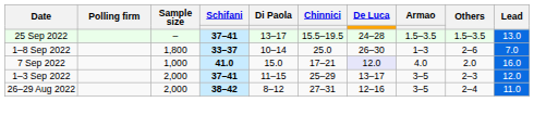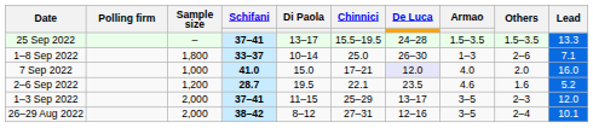 <table class="wikitable collapsible collapsed" style="text-align:center;font-size:85%;line-height:13px">
 <tr style="height:30px; background-color:#E9E9E9">
 <th style="width:100px;" rowspan="2">Date</th>
 <th style="width:100px;" rowspan="2">Polling firm</th>
 <th style="width:65px;" rowspan="2">Sample size</th>
 <th style="width:65px;"><a href='#'>Schifani</a></th>
 <th style="width:65px;">Di Paola</th>
 <th style="width:65px;"><a href='#'>Chinnici</a></th>
 <th style="width:65px;"><a href='#'>De Luca</a></th>
 <th style="width:65px;">Armao</th>
 <th style="width:65px;" rowspan="2">Others</th>
 <th style="width:45px;" rowspan="2">Lead</th>
 </tr>
 <tr>
 <th style="color:inherit;background:"></th>
 <th style="color:inherit;background:"></th>
 <th style="color:inherit;background:"></th>
 <th style="color:inherit;background:orange;"></th>
 <th style="color:inherit;background:"></th>
 </tr>
 <tr style="background:#EAFFEA"|>
 <td>25 Sep 2022</td>
 <td></td>
 <td>–</td>
 <td style="background:#C8EBFF"><strong>37–41</strong></td>
 <td>13–17</td>
 <td>15.5–19.5</td>
 <td>24–28</td>
 <td>1.5–3.5</td>
 <td>1.5–3.5</td>
-<td style="background:#0A6BE1; color:white;">13.0</td>
+<td style="background:#0A6BE1; color:white;">13.3</td>
 </tr>
 <tr>
 <td>1–8 Sep 2022</td>
 <td></td>
 <td>1,800</td>
 <td style="background:#C8EBFF"><strong>33–37</strong></td>
 <td>10–14</td>
 <td>25.0</td>
 <td>26–30</td>
 <td>1–3</td>
 <td>2–6</td>
-<td style="background:#0A6BE1; color:white;">7.0</td>
+<td style="background:#0A6BE1; color:white;">7.1</td>
 </tr>
 <tr>
 <td>7 Sep 2022</td>
 <td></td>
 <td>1,000</td>
 <td style="background:#C8EBFF"><strong>41.0</strong></td>
 <td>15.0</td>
 <td>17–21</td>
 <td style="background: lavender;">12.0</td>
 <td>4.0</td>
 <td>2.0</td>
 <td style="background:#0A6BE1; color:white;">16.0</td>
+</tr>
+<tr>
+<td>2–6 Sep 2022</td>
+<td></td>
+<td>1,200</td>
+<td style="background:#C8EBFF"><strong>28.7</strong></td>
+<td>19.5</td>
+<td>22.1</td>
+<td>23.5</td>
+<td>4.6</td>
+<td>1.6</td>
+<td style="background:#0A6BE1; color:white;">5.2</td>
 </tr>
 <tr>
 <td>1–3 Sep 2022</td>
 <td></td>
 <td>2,000</td>
 <td style="background:#C8EBFF"><strong>37–41</strong></td>
 <td>11–15</td>
 <td>25–29</td>
 <td>13–17</td>
 <td>3–5</td>
 <td>2–3</td>
 <td style="background:#0A6BE1; color:white;">12.0</td>
 </tr>
 <tr>
 <td>26–29 Aug 2022</td>
 <td></td>
 <td>2,000</td>
 <td style="background:#C8EBFF"><strong>38–42</strong></td>
 <td>8–12</td>
 <td>27–31</td>
 <td>12–16</td>
 <td>3–5</td>
 <td>2–4</td>
-<td style="background:#0A6BE1; color:white;">11.0</td>
+<td style="background:#0A6BE1; color:white;">10.1</td>
 </tr>
 </table>
